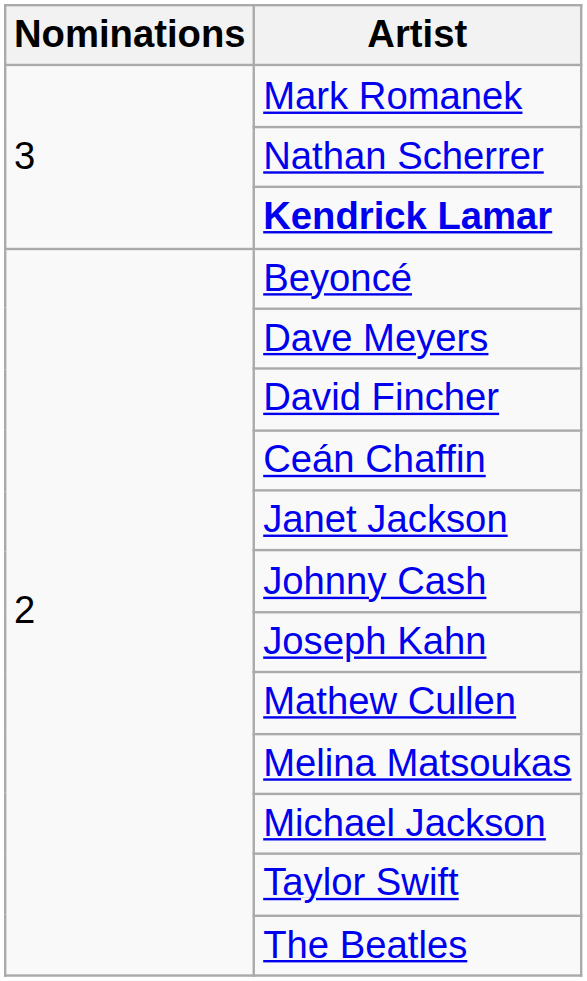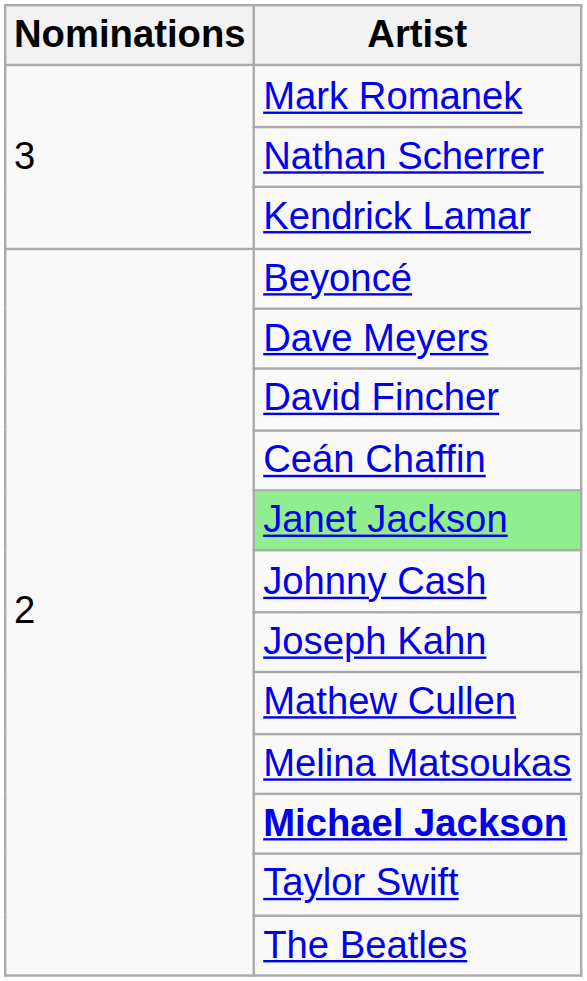 <table class="wikitable">
 <tr>
 <th>Nominations</th>
 <th>Artist</th>
 </tr>
 <tr>
 <td rowspan="3">3</td>
 <td><a href='#'>Mark Romanek</a></td>
 </tr>
 <tr>
 <td><a href='#'>Nathan Scherrer</a></td>
 </tr>
 <tr>
-<td><strong><a href='#'>Kendrick Lamar</a></strong></td>
+<td><a href='#'>Kendrick Lamar</a></td>
 </tr>
 <tr>
 <td rowspan="12">2</td>
 <td><a href='#'>Beyoncé</a></td>
 </tr>
 <tr>
 <td><a href='#'>Dave Meyers</a></td>
 </tr>
 <tr>
 <td><a href='#'>David Fincher</a></td>
 </tr>
 <tr>
 <td><a href='#'>Ceán Chaffin</a></td>
 </tr>
 <tr>
-<td><a href='#'>Janet Jackson</a></td>
+<td style="background: lightgreen;"><a href='#'>Janet Jackson</a></td>
 </tr>
 <tr>
 <td><a href='#'>Johnny Cash</a></td>
 </tr>
 <tr>
 <td><a href='#'>Joseph Kahn</a></td>
 </tr>
 <tr>
 <td><a href='#'>Mathew Cullen</a></td>
 </tr>
 <tr>
 <td><a href='#'>Melina Matsoukas</a></td>
 </tr>
 <tr>
-<td><a href='#'>Michael Jackson</a></td>
+<td><strong><a href='#'>Michael Jackson</a></strong></td>
 </tr>
 <tr>
 <td><a href='#'>Taylor Swift</a></td>
 </tr>
 <tr>
 <td><a href='#'>The Beatles</a></td>
 </tr>
 </table>
